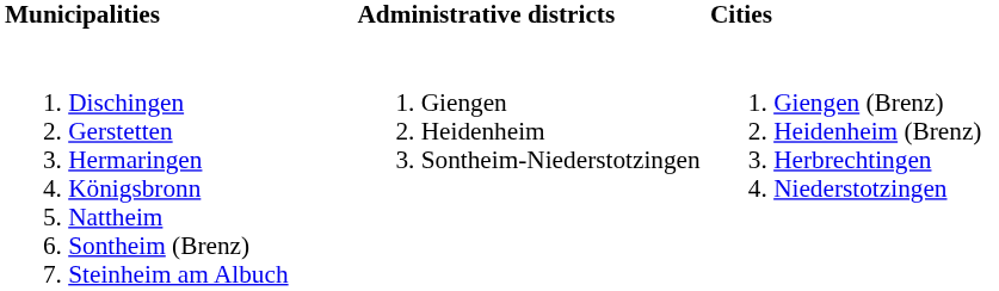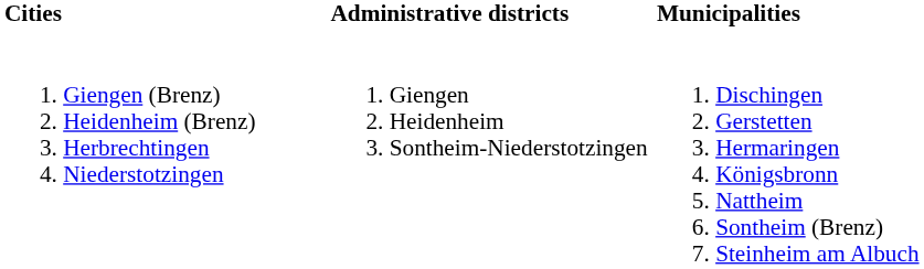 <table>
 <tr>
+<th width=33% align=left>Cities</th>
+<th width=33% align=left>Administrative districts</th>
 <th width=33% align=left>Municipalities</th>
-<th width=33% align=left>Administrative districts</th>
-<th width=33% align=left>Cities</th>
 </tr>
 <tr valign=top>
+<td><br><ol><li><a href='#'>Giengen</a> (Brenz)</li><li><a href='#'>Heidenheim</a> (Brenz)</li><li><a href='#'>Herbrechtingen</a></li><li><a href='#'>Niederstotzingen</a></li></ol></td>
+<td><br><ol><li>Giengen</li><li>Heidenheim</li><li>Sontheim-Niederstotzingen</li></ol></td>
 <td><br><ol><li><a href='#'>Dischingen</a></li><li><a href='#'>Gerstetten</a></li><li><a href='#'>Hermaringen</a></li><li><a href='#'>Königsbronn</a></li><li><a href='#'>Nattheim</a></li><li><a href='#'>Sontheim</a> (Brenz)</li><li><a href='#'>Steinheim am Albuch</a></li></ol></td>
-<td><br><ol><li>Giengen</li><li>Heidenheim</li><li>Sontheim-Niederstotzingen</li></ol></td>
-<td><br><ol><li><a href='#'>Giengen</a> (Brenz)</li><li><a href='#'>Heidenheim</a> (Brenz)</li><li><a href='#'>Herbrechtingen</a></li><li><a href='#'>Niederstotzingen</a></li></ol></td>
 </tr>
 </table>
